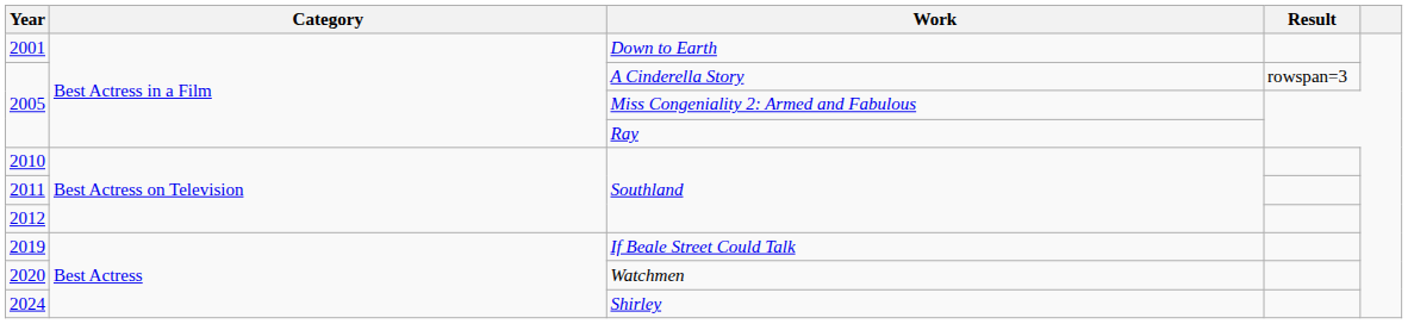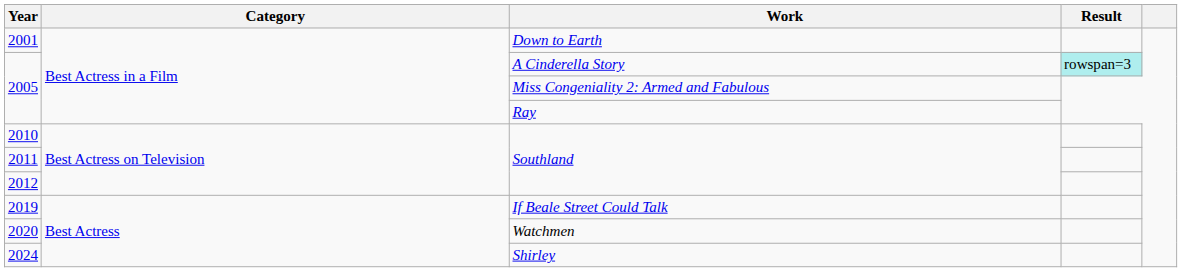 <table class=wikitable>
 <tr>
 <th scope="col" style="width:1em;">Year</th>
 <th scope="col" style="width:33em;">Category</th>
 <th scope="col" style="width:39em;">Work</th>
 <th scope="col" style="width:5em;">Result</th>
 <th scope="col" style="width:2em;"></th>
 </tr>
 <tr>
 <td align=center><a href='#'>2001</a></td>
 <td rowspan=4><a href='#'>Best Actress in a Film</a></td>
 <td><em><a href='#'>Down to Earth</a></em></td>
 <td></td>
 </tr>
 <tr>
 <td align=center rowspan="3"><a href='#'>2005</a></td>
 <td><em><a href='#'>A Cinderella Story</a></em></td>
-<td>rowspan=3 </td>
+<td style="background: paleturquoise;">rowspan=3 </td>
 </tr>
 <tr>
 <td><em><a href='#'>Miss Congeniality 2: Armed and Fabulous</a></em></td>
 </tr>
 <tr>
 <td><em><a href='#'>Ray</a></em></td>
 </tr>
 <tr>
 <td align=center><a href='#'>2010</a></td>
 <td rowspan=3><a href='#'>Best Actress on Television</a></td>
 <td rowspan=3><em><a href='#'>Southland</a></em></td>
 <td></td>
 </tr>
 <tr>
 <td align=center><a href='#'>2011</a></td>
 <td></td>
 </tr>
 <tr>
 <td align=center><a href='#'>2012</a></td>
 <td></td>
 </tr>
 <tr>
 <td align=center><a href='#'>2019</a></td>
 <td rowspan=3><a href='#'>Best Actress</a></td>
 <td><em><a href='#'>If Beale Street Could Talk</a></em></td>
 <td></td>
 </tr>
 <tr>
 <td align=center><a href='#'>2020</a></td>
 <td><em>Watchmen</em></td>
 <td></td>
 </tr>
 <tr>
 <td align=center><a href='#'>2024</a></td>
 <td><em><a href='#'>Shirley</a></em></td>
 <td></td>
 </tr>
 </table>
